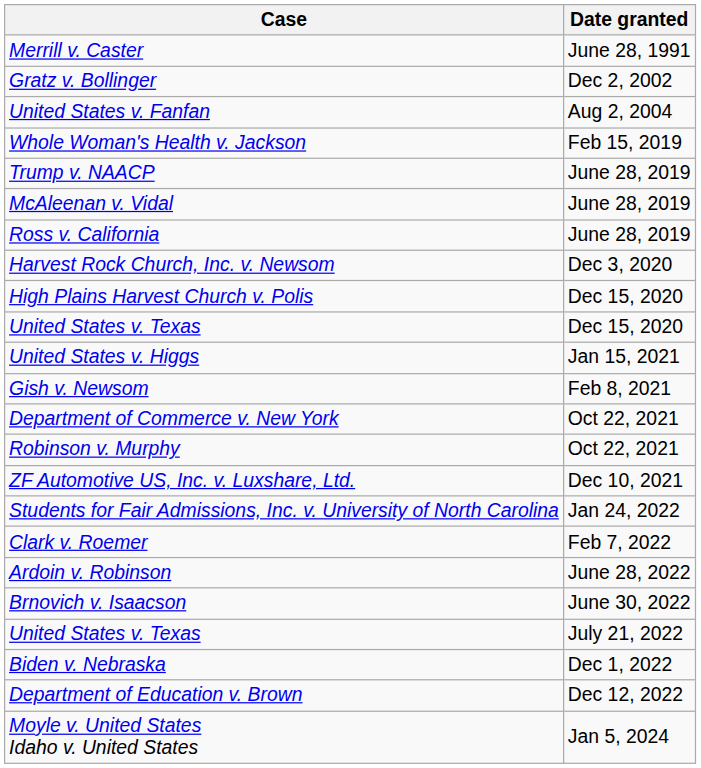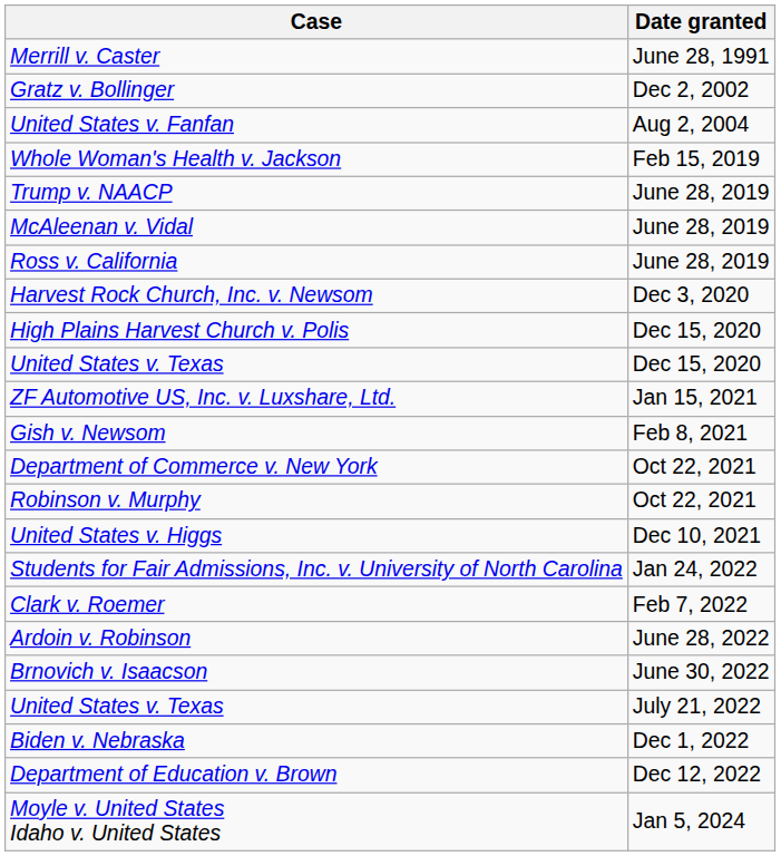 <table class="wikitable sortable">
 <tr>
 <th>Case</th>
 <th data-sort-type=date>Date granted</th>
 </tr>
 <tr>
 <td><em><a href='#'>Merrill v. Caster</a></em></td>
 <td>June 28, 1991</td>
 </tr>
 <tr>
 <td><em><a href='#'>Gratz v. Bollinger</a></em></td>
 <td>Dec 2, 2002</td>
 </tr>
 <tr>
 <td><em><a href='#'>United States v. Fanfan</a></em></td>
 <td>Aug 2, 2004</td>
 </tr>
 <tr>
 <td><em><a href='#'>Whole Woman's Health v. Jackson</a></em></td>
 <td>Feb 15, 2019</td>
 </tr>
 <tr>
 <td><em><a href='#'>Trump v. NAACP</a></em></td>
 <td>June 28, 2019</td>
 </tr>
 <tr>
 <td><em><a href='#'>McAleenan v. Vidal</a></em></td>
 <td>June 28, 2019</td>
 </tr>
 <tr>
 <td><em><a href='#'>Ross v. California</a></em></td>
 <td>June 28, 2019</td>
 </tr>
 <tr>
 <td><em><a href='#'>Harvest Rock Church, Inc. v. Newsom</a></em></td>
 <td>Dec 3, 2020</td>
 </tr>
 <tr>
 <td><em><a href='#'>High Plains Harvest Church v. Polis</a></em></td>
 <td>Dec 15, 2020</td>
 </tr>
 <tr>
 <td><em><a href='#'>United States v. Texas</a></em></td>
 <td>Dec 15, 2020</td>
 </tr>
 <tr>
-<td><em><a href='#'>United States v. Higgs</a></em></td>
+<td><em><a href='#'>ZF Automotive US, Inc. v. Luxshare, Ltd.</a></em></td>
 <td>Jan 15, 2021</td>
 </tr>
 <tr>
 <td><em><a href='#'>Gish v. Newsom</a></em></td>
 <td>Feb 8, 2021</td>
 </tr>
 <tr>
 <td><em><a href='#'>Department of Commerce v. New York</a></em></td>
 <td>Oct 22, 2021</td>
 </tr>
 <tr>
 <td><em><a href='#'>Robinson v. Murphy</a></em></td>
 <td>Oct 22, 2021</td>
 </tr>
 <tr>
-<td><em><a href='#'>ZF Automotive US, Inc. v. Luxshare, Ltd.</a></em></td>
+<td><em><a href='#'>United States v. Higgs</a></em></td>
 <td>Dec 10, 2021</td>
 </tr>
 <tr>
 <td><em><a href='#'>Students for Fair Admissions, Inc. v. University of North Carolina</a></em></td>
 <td>Jan 24, 2022</td>
 </tr>
 <tr>
 <td><em><a href='#'>Clark v. Roemer</a></em></td>
 <td>Feb 7, 2022</td>
 </tr>
 <tr>
 <td><em><a href='#'>Ardoin v. Robinson</a></em></td>
 <td>June 28, 2022</td>
 </tr>
 <tr>
 <td><em><a href='#'>Brnovich v. Isaacson</a></em></td>
 <td>June 30, 2022</td>
 </tr>
 <tr>
 <td><em><a href='#'>United States v. Texas</a></em></td>
 <td>July 21, 2022</td>
 </tr>
 <tr>
 <td><em><a href='#'>Biden v. Nebraska</a></em></td>
 <td>Dec 1, 2022</td>
 </tr>
 <tr>
 <td><em><a href='#'>Department of Education v. Brown</a></em></td>
 <td>Dec 12, 2022</td>
 </tr>
 <tr>
 <td><em><a href='#'>Moyle v. United States</a></em><br><em>Idaho v. United States</em></td>
 <td>Jan 5, 2024</td>
 </tr>
 </table>
